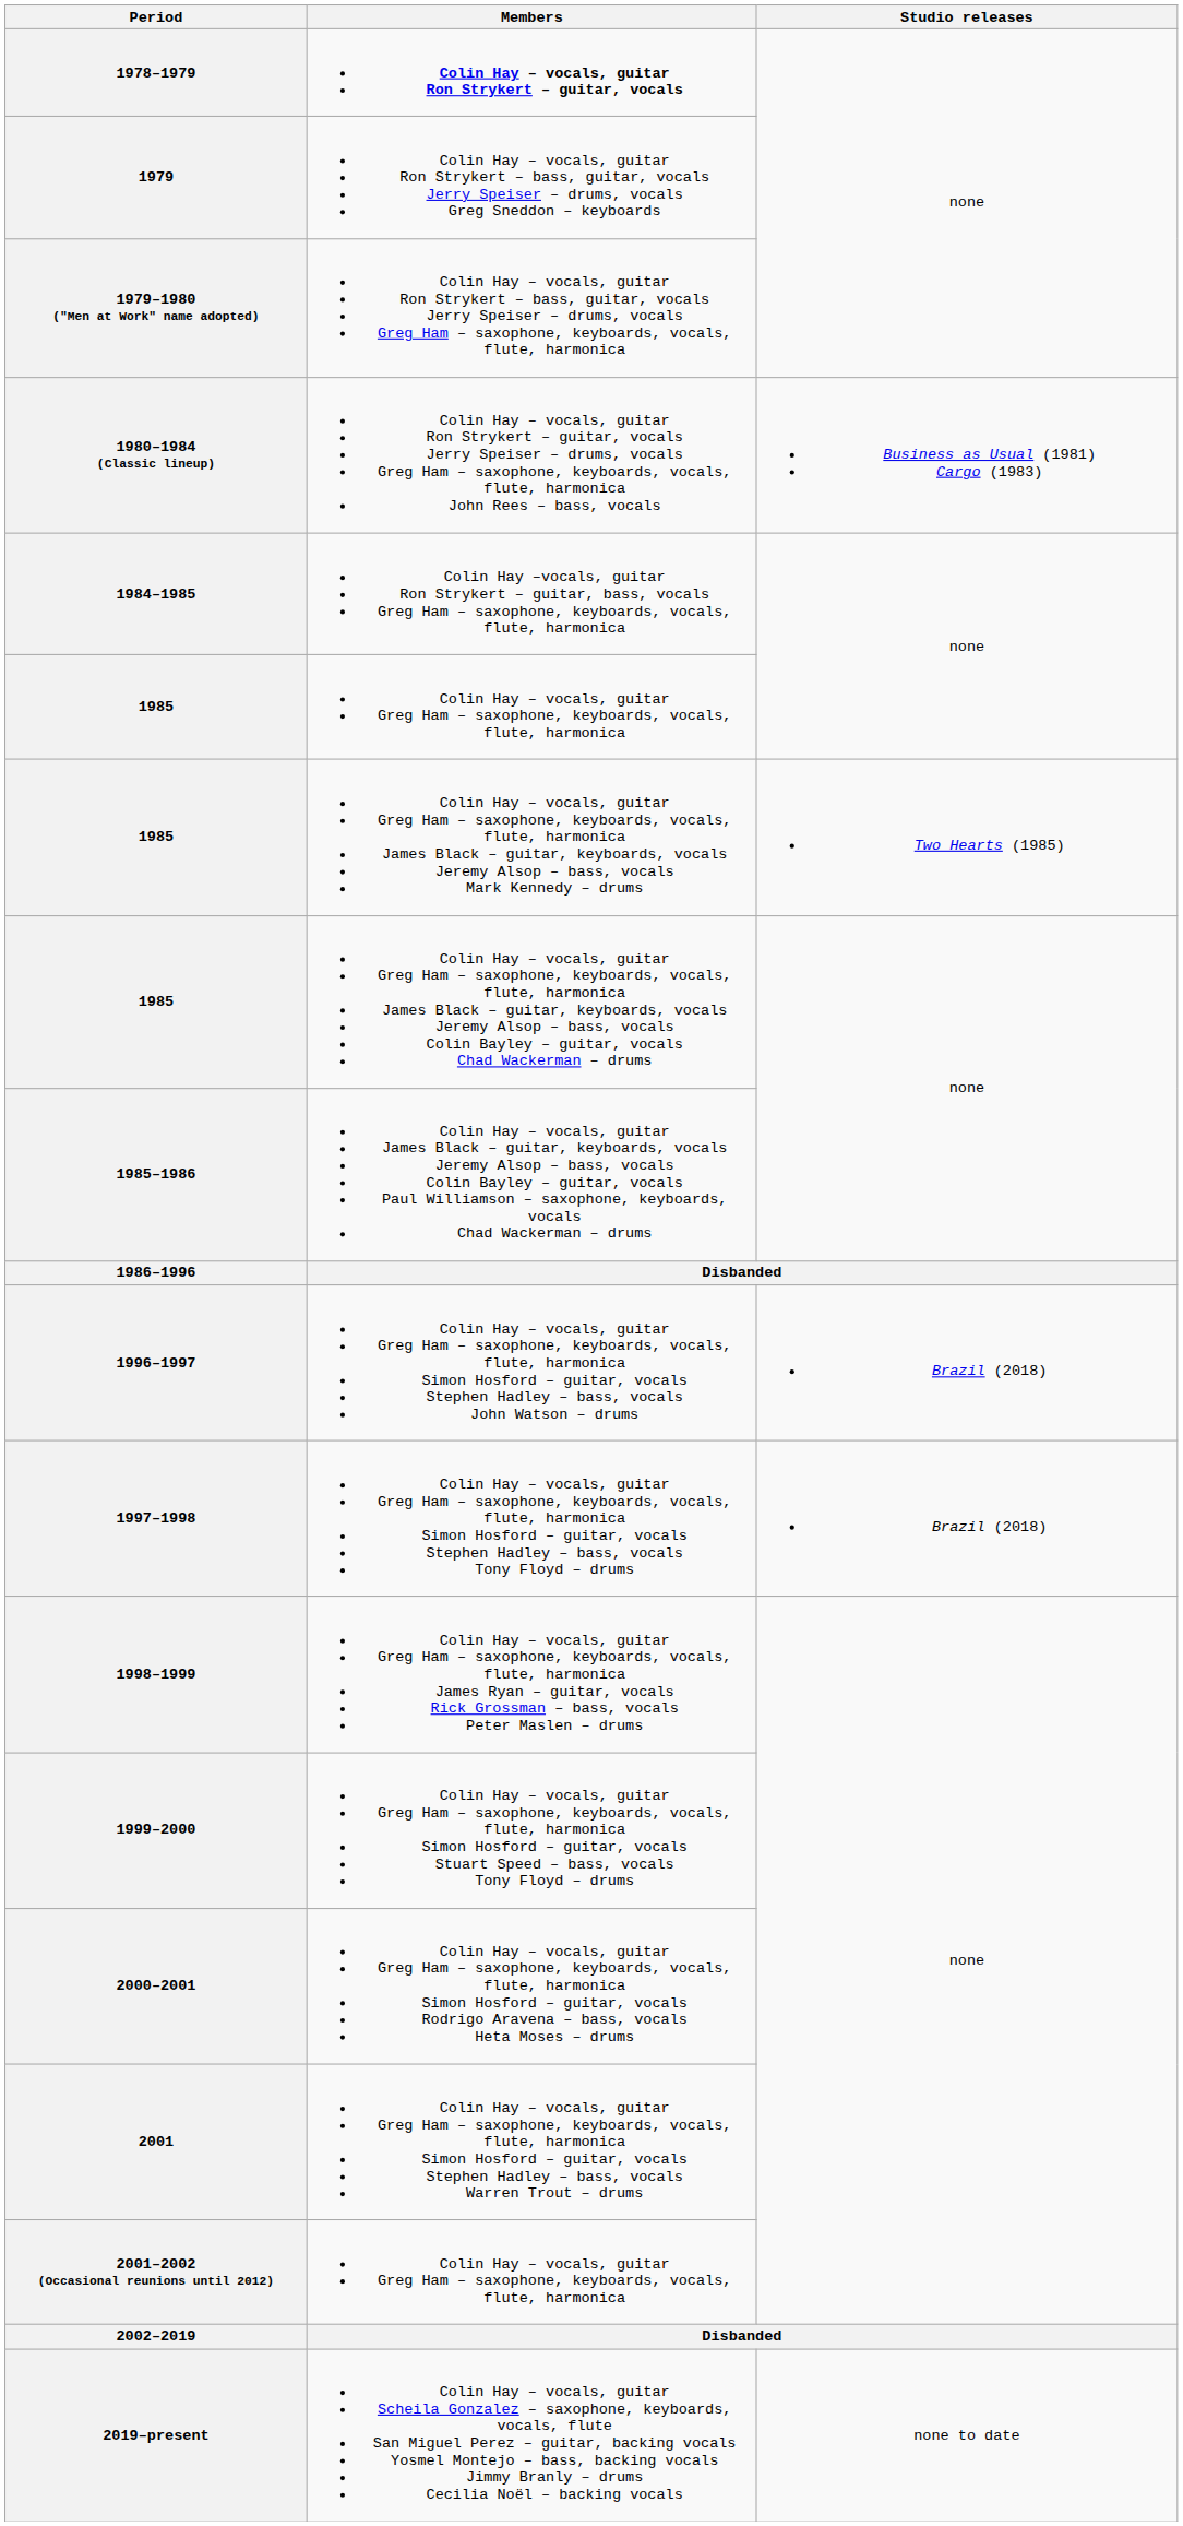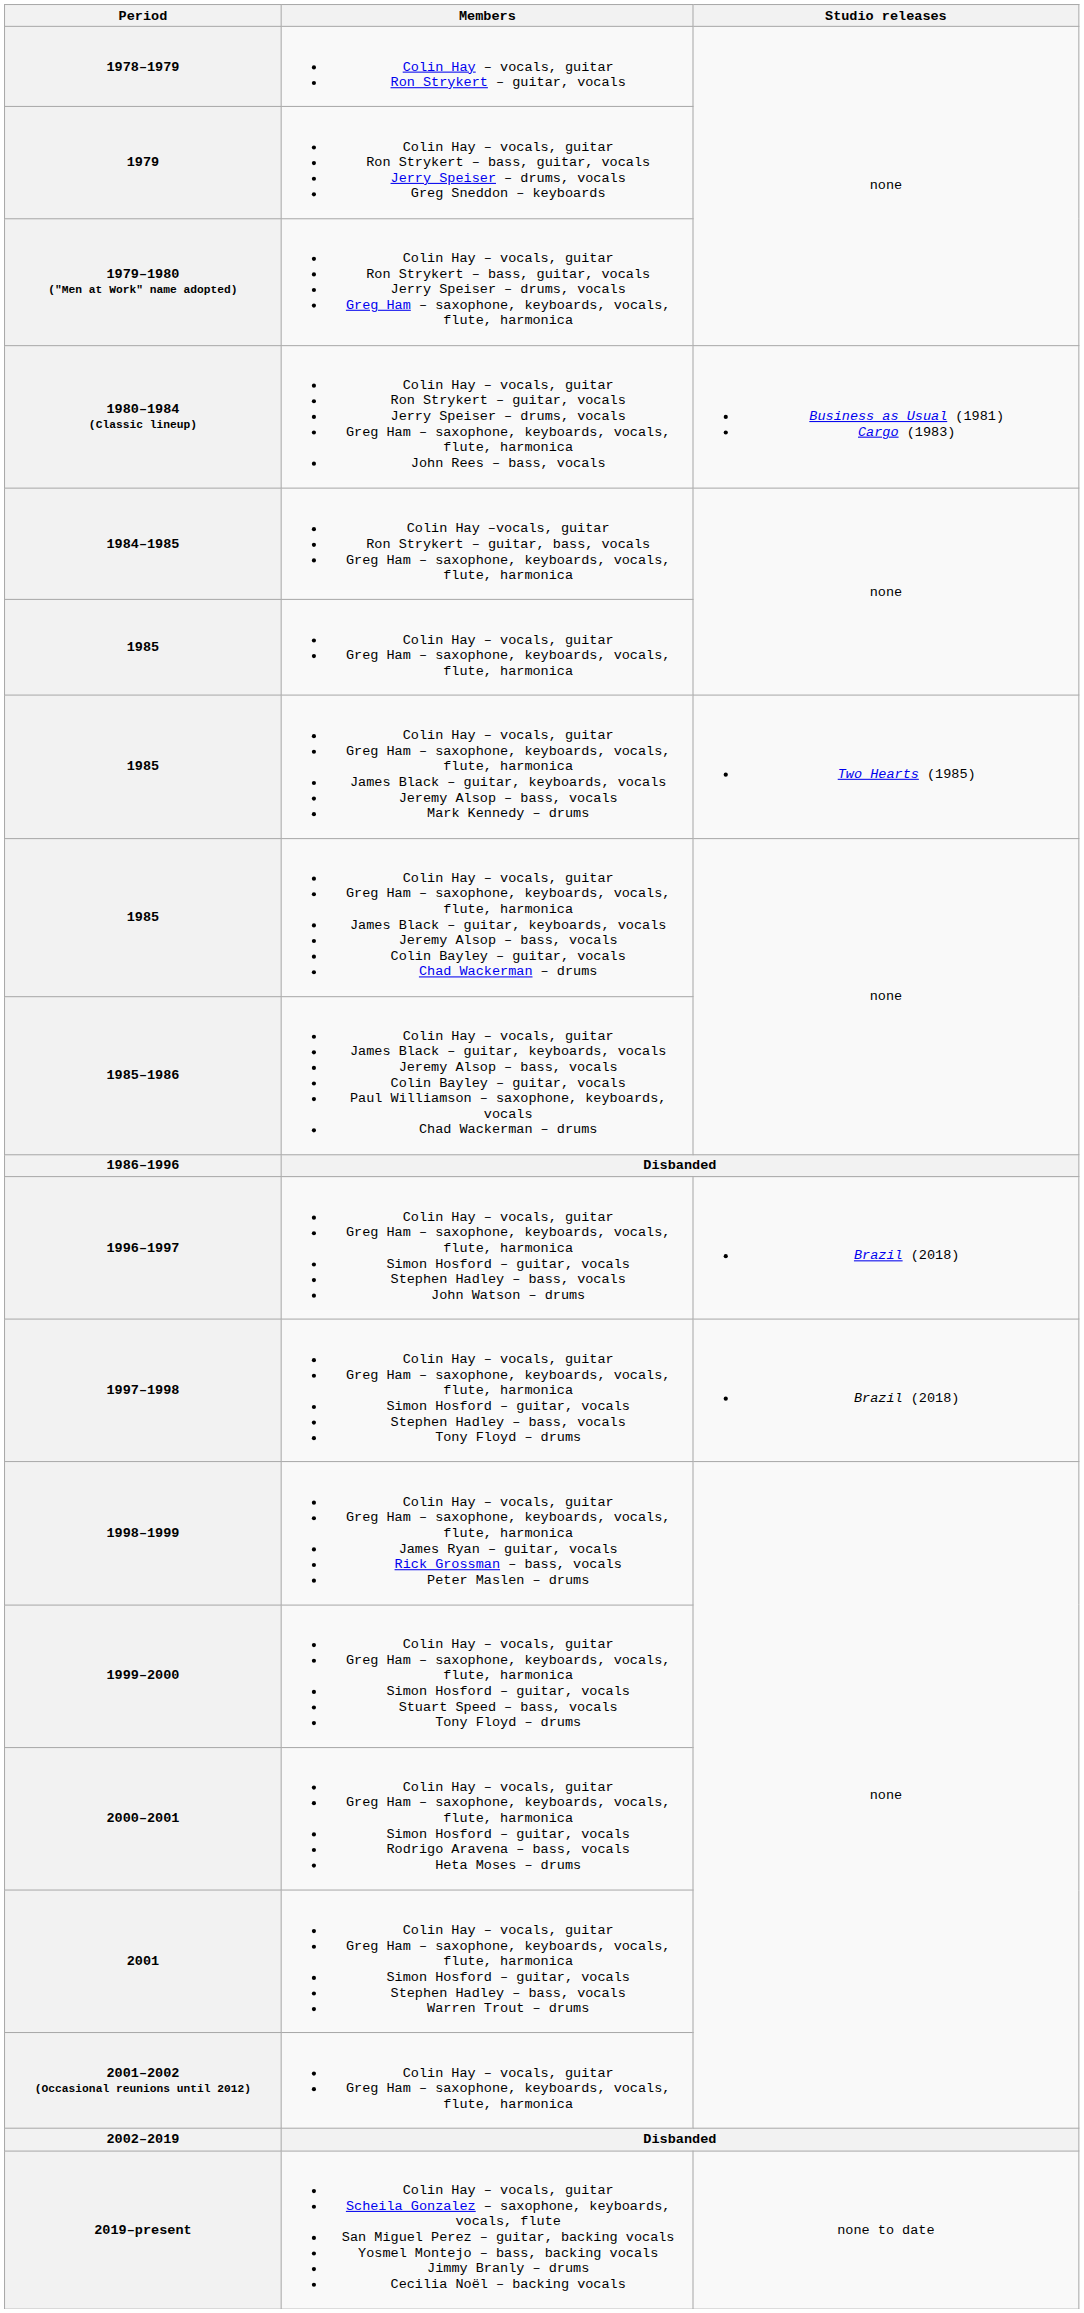 <table class="wikitable plainrowheaders" style="text-align:center;">
 <tr>
 <th scope="col" style="width:20em;">Period</th>
 <th scope="col" style="width:30em;">Members</th>
 <th scope="col" style="width:28em;">Studio releases</th>
 </tr>
 <tr>
 <th>1978–1979</th>
-<td><strong><br><ul><li><a href='#'>Colin Hay</a> – vocals, guitar</li><li><a href='#'>Ron Strykert</a> – guitar, vocals</li></ul></strong></td>
+<td><br><ul><li><a href='#'>Colin Hay</a> – vocals, guitar</li><li><a href='#'>Ron Strykert</a> – guitar, vocals</li></ul></td>
 <td rowspan="3">none</td>
 </tr>
 <tr>
 <th>1979</th>
 <td><br><ul><li>Colin Hay – vocals, guitar</li><li>Ron Strykert – bass, guitar, vocals</li><li><a href='#'>Jerry Speiser</a> – drums, vocals</li><li>Greg Sneddon – keyboards</li></ul></td>
 </tr>
 <tr>
 <th>1979–1980<br><small>("Men at Work" name adopted)</small></th>
 <td><br><ul><li>Colin Hay – vocals, guitar</li><li>Ron Strykert – bass, guitar, vocals</li><li>Jerry Speiser – drums, vocals</li><li><a href='#'>Greg Ham</a> – saxophone, keyboards, vocals, flute, harmonica</li></ul></td>
 </tr>
 <tr>
 <th>1980–1984<br><small>(Classic lineup)</small></th>
 <td><br><ul><li>Colin Hay – vocals, guitar</li><li>Ron Strykert – guitar, vocals</li><li>Jerry Speiser – drums, vocals</li><li>Greg Ham – saxophone, keyboards, vocals, flute, harmonica</li><li>John Rees – bass, vocals</li></ul></td>
 <td><br><ul><li><em><a href='#'>Business as Usual</a></em> (1981)</li><li><em><a href='#'>Cargo</a></em> (1983)</li></ul></td>
 </tr>
 <tr>
 <th>1984–1985</th>
 <td><br><ul><li>Colin Hay –vocals, guitar</li><li>Ron Strykert – guitar, bass, vocals</li><li>Greg Ham – saxophone, keyboards, vocals, flute, harmonica</li></ul></td>
 <td rowspan="2">none</td>
 </tr>
 <tr>
 <th>1985</th>
 <td><br><ul><li>Colin Hay – vocals, guitar</li><li>Greg Ham – saxophone, keyboards, vocals, flute, harmonica</li></ul></td>
 </tr>
 <tr>
 <th>1985</th>
 <td><br><ul><li>Colin Hay – vocals, guitar</li><li>Greg Ham – saxophone, keyboards, vocals, flute, harmonica</li><li>James Black – guitar, keyboards, vocals</li><li>Jeremy Alsop – bass, vocals</li><li>Mark Kennedy – drums</li></ul></td>
 <td><br><ul><li><em><a href='#'>Two Hearts</a></em> (1985)</li></ul></td>
 </tr>
 <tr>
 <th>1985</th>
 <td><br><ul><li>Colin Hay – vocals, guitar</li><li>Greg Ham – saxophone, keyboards, vocals, flute, harmonica</li><li>James Black – guitar, keyboards, vocals</li><li>Jeremy Alsop – bass, vocals</li><li>Colin Bayley – guitar, vocals</li><li><a href='#'>Chad Wackerman</a> – drums</li></ul></td>
 <td rowspan="2">none</td>
 </tr>
 <tr>
 <th>1985–1986</th>
 <td><br><ul><li>Colin Hay – vocals, guitar</li><li>James Black – guitar, keyboards, vocals</li><li>Jeremy Alsop – bass, vocals</li><li>Colin Bayley – guitar, vocals</li><li>Paul Williamson – saxophone, keyboards, vocals</li><li>Chad Wackerman – drums</li></ul></td>
 </tr>
 <tr>
 <th>1986–1996</th>
 <th colspan="2">Disbanded</th>
 </tr>
 <tr>
 <th>1996–1997</th>
 <td><br><ul><li>Colin Hay – vocals, guitar</li><li>Greg Ham – saxophone, keyboards, vocals, flute, harmonica</li><li>Simon Hosford – guitar, vocals</li><li>Stephen Hadley – bass, vocals</li><li>John Watson – drums</li></ul></td>
 <td><br><ul><li><em><a href='#'>Brazil</a></em> (2018)</li></ul></td>
 </tr>
 <tr>
 <th>1997–1998</th>
 <td><br><ul><li>Colin Hay – vocals, guitar</li><li>Greg Ham – saxophone, keyboards, vocals, flute, harmonica</li><li>Simon Hosford – guitar, vocals</li><li>Stephen Hadley – bass, vocals</li><li>Tony Floyd – drums</li></ul></td>
 <td><br><ul><li><em>Brazil</em> (2018) </li></ul></td>
 </tr>
 <tr>
 <th>1998–1999</th>
 <td><br><ul><li>Colin Hay – vocals, guitar</li><li>Greg Ham – saxophone, keyboards, vocals, flute, harmonica</li><li>James Ryan – guitar, vocals</li><li><a href='#'>Rick Grossman</a> – bass, vocals</li><li>Peter Maslen – drums</li></ul></td>
 <td rowspan="5">none</td>
 </tr>
 <tr>
 <th>1999–2000</th>
 <td><br><ul><li>Colin Hay – vocals, guitar</li><li>Greg Ham – saxophone, keyboards, vocals, flute, harmonica</li><li>Simon Hosford – guitar, vocals</li><li>Stuart Speed – bass, vocals</li><li>Tony Floyd – drums</li></ul></td>
 </tr>
 <tr>
 <th>2000–2001</th>
 <td><br><ul><li>Colin Hay – vocals, guitar</li><li>Greg Ham – saxophone, keyboards, vocals, flute, harmonica</li><li>Simon Hosford – guitar, vocals</li><li>Rodrigo Aravena  – bass, vocals</li><li>Heta Moses – drums</li></ul></td>
 </tr>
 <tr>
 <th>2001</th>
 <td><br><ul><li>Colin Hay – vocals, guitar</li><li>Greg Ham – saxophone, keyboards, vocals, flute, harmonica</li><li>Simon Hosford – guitar, vocals</li><li>Stephen Hadley – bass, vocals</li><li>Warren Trout – drums</li></ul></td>
 </tr>
 <tr>
 <th>2001–2002<br><small>(Occasional reunions until 2012)</small></th>
 <td><br><ul><li>Colin Hay – vocals, guitar</li><li>Greg Ham – saxophone, keyboards, vocals, flute, harmonica</li></ul></td>
 </tr>
 <tr>
 <th>2002–2019</th>
 <th colspan="2">Disbanded</th>
 </tr>
 <tr>
 <th>2019–present</th>
 <td><br><ul><li>Colin Hay – vocals, guitar</li><li><a href='#'>Scheila Gonzalez</a> – saxophone, keyboards, vocals, flute</li><li>San Miguel Perez – guitar, backing vocals</li><li>Yosmel Montejo – bass, backing vocals</li><li>Jimmy Branly – drums</li><li>Cecilia Noël – backing vocals</li></ul></td>
 <td>none to date</td>
 </tr>
 </table>
